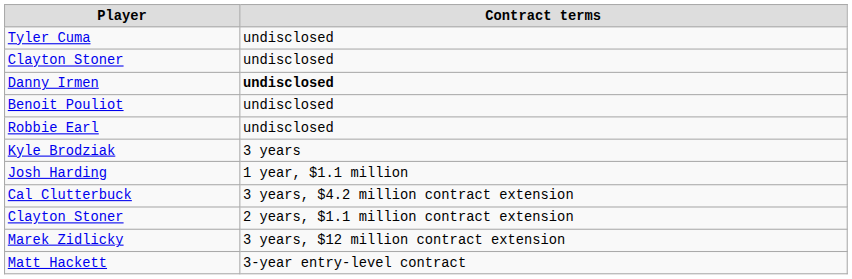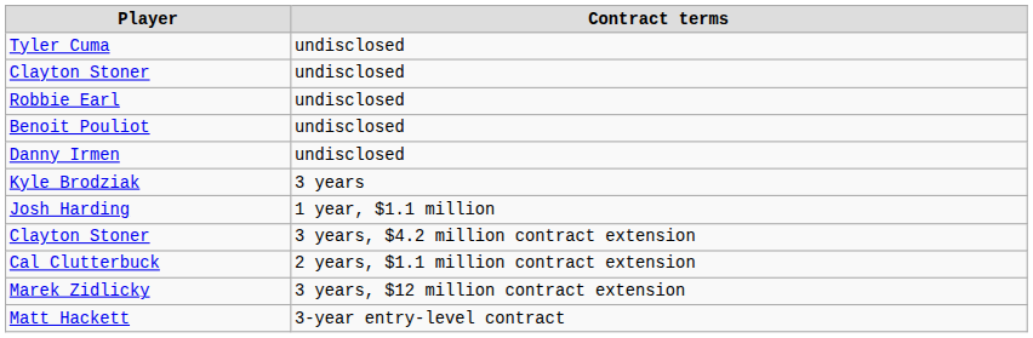 <table class="wikitable" width=90%>
 <tr align="center"  bgcolor="#dddddd">
 <td><strong>Player</strong></td>
 <td><strong>Contract terms</strong></td>
 </tr>
 <tr>
 <td><a href='#'>Tyler Cuma</a></td>
 <td>undisclosed</td>
 </tr>
 <tr>
 <td><a href='#'>Clayton Stoner</a></td>
 <td>undisclosed</td>
 </tr>
 <tr>
-<td><a href='#'>Danny Irmen</a></td>
-<td><strong>undisclosed</strong></td>
+<td><a href='#'>Robbie Earl</a></td>
+<td>undisclosed</td>
 </tr>
 <tr>
 <td><a href='#'>Benoit Pouliot</a></td>
 <td>undisclosed</td>
 </tr>
 <tr>
-<td><a href='#'>Robbie Earl</a></td>
+<td><a href='#'>Danny Irmen</a></td>
 <td>undisclosed</td>
 </tr>
 <tr>
 <td><a href='#'>Kyle Brodziak</a></td>
 <td>3 years</td>
 </tr>
 <tr>
 <td><a href='#'>Josh Harding</a></td>
 <td>1 year, $1.1 million</td>
 </tr>
 <tr>
-<td><a href='#'>Cal Clutterbuck</a></td>
+<td><a href='#'>Clayton Stoner</a></td>
 <td>3 years, $4.2 million contract extension</td>
 </tr>
 <tr>
-<td><a href='#'>Clayton Stoner</a></td>
+<td><a href='#'>Cal Clutterbuck</a></td>
 <td>2 years, $1.1 million contract extension</td>
 </tr>
 <tr>
 <td><a href='#'>Marek Zidlicky</a></td>
 <td>3 years, $12 million contract extension</td>
 </tr>
 <tr>
 <td><a href='#'>Matt Hackett</a></td>
 <td>3-year entry-level contract</td>
 </tr>
 </table>
